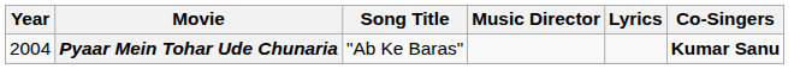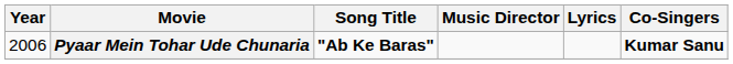 <table class="wikitable sortable">
 <tr>
 <th>Year</th>
 <th>Movie</th>
 <th>Song Title</th>
 <th>Music Director</th>
 <th>Lyrics</th>
 <th>Co-Singers</th>
 </tr>
 <tr>
-<td rowspan=1>2004</td>
+<td rowspan=1>2006</td>
 <th rowspan=1><em>Pyaar Mein Tohar Ude Chunaria</em></th>
-<td>"Ab Ke Baras"</td>
+<td><strong>"Ab Ke Baras"</strong></td>
 <td rowspan=1></td>
 <td></td>
 <td><strong>Kumar Sanu</strong></td>
 </tr>
 <tr>
 </tr>
 </table>
